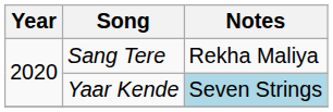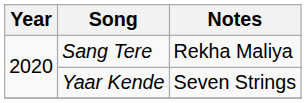 <table class="wikitable sortable">
 <tr>
 <th>Year</th>
 <th>Song</th>
 <th>Notes</th>
 </tr>
 <tr>
 <td rowspan = "2">2020</td>
 <td><em>Sang Tere</em></td>
 <td>Rekha Maliya</td>
 </tr>
 <tr>
 <td><em>Yaar Kende</em></td>
-<td style="background: lightblue;">Seven Strings</td>
+<td>Seven Strings</td>
 </tr>
 <tr>
 </tr>
 </table>
